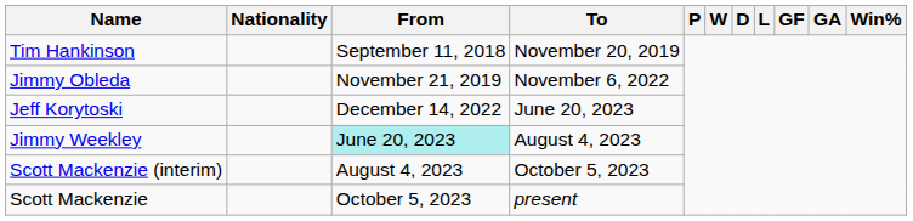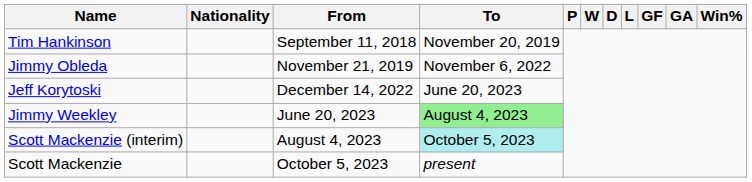 <table class="wikitable plainrowheaders sortable" style="text-align:center">
 <tr>
 <th>Name</th>
 <th>Nationality</th>
 <th>From</th>
 <th class="unsortable">To</th>
 <th>P</th>
 <th>W</th>
 <th>D</th>
 <th>L</th>
 <th>GF</th>
 <th>GA</th>
 <th>Win%</th>
 </tr>
 <tr>
 <td scope=row style=text-align:left><a href='#'>Tim Hankinson</a></td>
 <td align=left></td>
 <td align=left>September 11, 2018</td>
 <td align=left>November 20, 2019<br></td>
 </tr>
 <tr>
 <td scope=row style=text-align:left><a href='#'>Jimmy Obleda</a></td>
 <td align=left></td>
 <td align=left>November 21, 2019</td>
 <td align=left>November 6, 2022<br></td>
 </tr>
 <tr>
 <td scope=row style=text-align:left><a href='#'>Jeff Korytoski</a></td>
 <td align=left></td>
 <td align=left>December 14, 2022</td>
 <td align=left>June 20, 2023<br></td>
 </tr>
 <tr>
 <td scope=row style=text-align:left><a href='#'>Jimmy Weekley</a></td>
 <td align=left></td>
-<td align=left style="background: paleturquoise;">June 20, 2023</td>
-<td align=left>August 4, 2023<br></td>
+<td align=left>June 20, 2023</td>
+<td align=left style="background: lightgreen;">August 4, 2023<br></td>
 </tr>
 <tr>
 <td scope=row style=text-align:left><a href='#'>Scott Mackenzie</a> (interim)</td>
 <td align=left></td>
 <td align=left>August 4, 2023</td>
-<td align=left>October 5, 2023<br></td>
+<td align=left style="background: paleturquoise;">October 5, 2023<br></td>
 </tr>
 <tr>
 <td scope=row style=text-align:left>Scott Mackenzie</td>
 <td align=left></td>
 <td align=left>October 5, 2023</td>
 <td align=left><em>present</em><br></td>
 </tr>
 </table>
